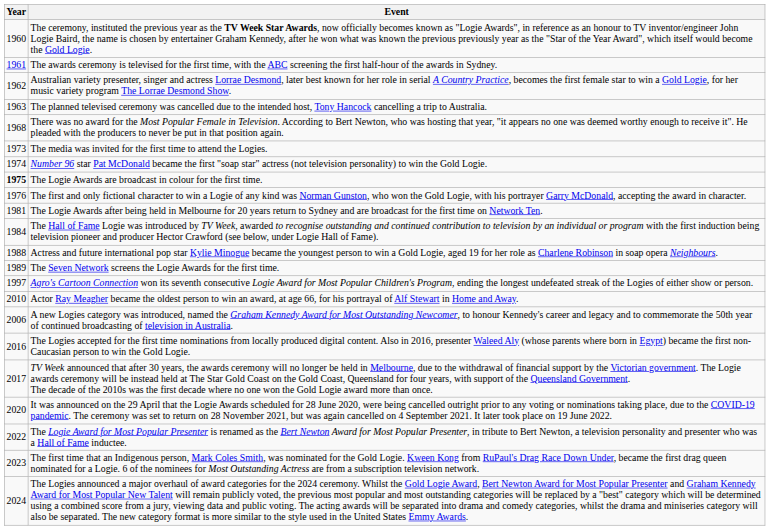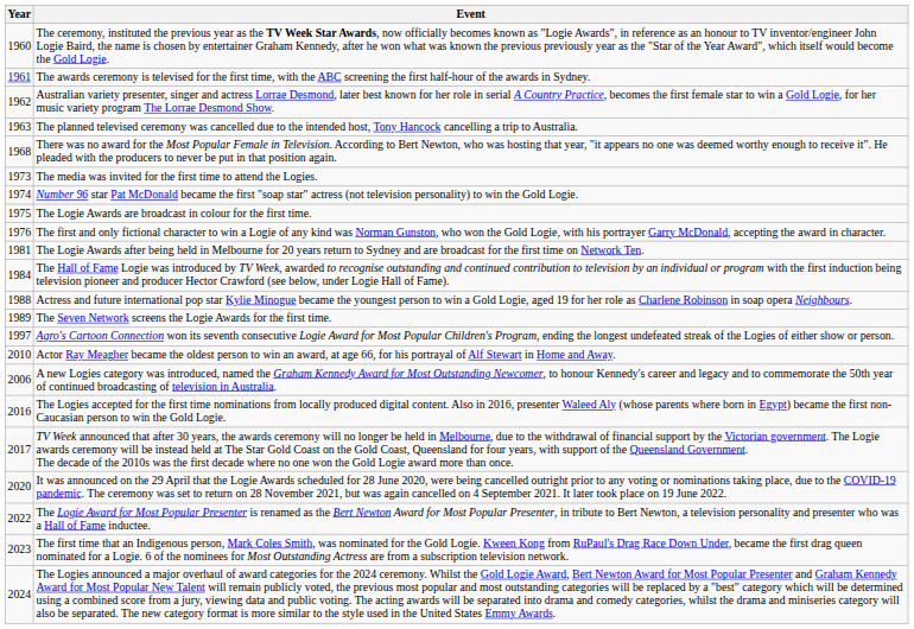 <table class="wikitable">
 <tr>
 <th>Year</th>
 <th>Event</th>
 </tr>
 <tr>
 <td>1960</td>
 <td>The ceremony, instituted the previous year as the <strong>TV Week Star Awards</strong>, now officially becomes known as "Logie Awards", in reference as an honour to TV inventor/engineer John Logie Baird, the name is chosen by entertainer Graham Kennedy, after he won what was known the previous previously year as the "Star of the Year Award", which itself would become the <a href='#'>Gold Logie</a>.</td>
 </tr>
 <tr>
 <td><a href='#'>1961</a></td>
 <td>The awards ceremony is televised for the first time, with the <a href='#'>ABC</a> screening the first half-hour of the awards in Sydney.</td>
 </tr>
 <tr>
 <td>1962</td>
 <td>Australian variety presenter, singer and actress <a href='#'>Lorrae Desmond</a>, later best known for her role in serial <em><a href='#'>A Country Practice</a></em>, becomes the first female star to win a <a href='#'>Gold Logie</a>, for her music variety program <a href='#'>The Lorrae Desmond Show</a>.</td>
 </tr>
 <tr>
 <td>1963</td>
 <td>The planned televised ceremony was cancelled due to the intended host, <a href='#'>Tony Hancock</a> cancelling a trip to Australia.</td>
 </tr>
 <tr>
 <td>1968</td>
 <td>There was no award for the <em>Most Popular Female in Television</em>. According to Bert Newton, who was hosting that year, "it appears no one was deemed worthy enough to receive it". He pleaded with the producers to never be put in that position again.</td>
 </tr>
 <tr>
 <td>1973</td>
 <td>The media was invited for the first time to attend the Logies.</td>
 </tr>
 <tr>
 <td>1974</td>
 <td><em><a href='#'>Number 96</a></em> star <a href='#'>Pat McDonald</a> became the first "soap star" actress (not television personality) to win the Gold Logie.</td>
 </tr>
 <tr>
-<td><strong>1975</strong></td>
+<td>1975</td>
 <td>The Logie Awards are broadcast in colour for the first time.</td>
 </tr>
 <tr>
 <td>1976</td>
 <td>The first and only fictional character to win a Logie of any kind was <a href='#'>Norman Gunston</a>, who won the Gold Logie, with his portrayer <a href='#'>Garry McDonald</a>, accepting the award in character.</td>
 </tr>
 <tr>
 <td>1981</td>
 <td>The Logie Awards after being held in Melbourne for 20 years return to Sydney and are broadcast for the first time on <a href='#'>Network Ten</a>.</td>
 </tr>
 <tr>
 <td>1984</td>
 <td>The <a href='#'>Hall of Fame</a> Logie was introduced by <em>TV Week</em>, awarded <em>to recognise outstanding and continued contribution to television by an individual or program</em> with the first induction being television pioneer and producer Hector Crawford (see below, under Logie Hall of Fame).</td>
 </tr>
 <tr>
 <td>1988</td>
 <td>Actress and future international pop star <a href='#'>Kylie Minogue</a> became the youngest person to win a Gold Logie, aged 19 for her role as <a href='#'>Charlene Robinson</a> in soap opera <em><a href='#'>Neighbours</a></em>.</td>
 </tr>
 <tr>
 <td>1989</td>
 <td>The <a href='#'>Seven Network</a> screens the Logie Awards for the first time.</td>
 </tr>
 <tr>
 <td>1997</td>
 <td><em><a href='#'>Agro's Cartoon Connection</a></em> won its seventh consecutive <em>Logie Award for Most Popular Children's Program</em>, ending the longest undefeated streak of the Logies of either show or person.</td>
 </tr>
 <tr>
 <td>2010</td>
 <td>Actor <a href='#'>Ray Meagher</a> became the oldest person to win an award, at age 66, for his portrayal of <a href='#'>Alf Stewart</a> in <a href='#'>Home and Away</a>.</td>
 </tr>
 <tr>
 <td>2006</td>
 <td>A new Logies category was introduced, named the <em><a href='#'>Graham Kennedy Award for Most Outstanding Newcomer</a></em>, to honour Kennedy's career and legacy and to commemorate the 50th year of continued broadcasting of <a href='#'>television in Australia</a>.</td>
 </tr>
 <tr>
 <td>2016</td>
 <td>The Logies accepted for the first time nominations from locally produced digital content. Also in 2016, presenter <a href='#'>Waleed Aly</a> (whose parents where born in <a href='#'>Egypt</a>) became the first non-Caucasian person to win the Gold Logie.</td>
 </tr>
 <tr>
 <td>2017</td>
 <td><em>TV Week</em> announced that after 30 years, the awards ceremony will no longer be held in <a href='#'>Melbourne</a>, due to the withdrawal of financial support by the <a href='#'>Victorian government</a>. The Logie awards ceremony will be instead held at The Star Gold Coast on the Gold Coast, Queensland for four years, with support of the <a href='#'>Queensland Government</a>.<br>The decade of the 2010s was the first decade where no one won the Gold Logie award more than once.</td>
 </tr>
 <tr>
 <td>2020</td>
 <td>It was announced on the 29 April that the Logie Awards scheduled for 28 June 2020, were being cancelled outright prior to any voting or nominations taking place, due to the <a href='#'>COVID-19 pandemic</a>. The ceremony was set to return on 28 November 2021, but was again cancelled on 4 September 2021. It later took place on 19 June 2022.</td>
 </tr>
 <tr>
 <td>2022</td>
 <td>The <em><a href='#'>Logie Award for Most Popular Presenter</a></em> is renamed as the <em><a href='#'>Bert Newton</a> Award for Most Popular Presenter</em>, in tribute to Bert Newton, a television personality and presenter who was a <a href='#'>Hall of Fame</a> inductee.</td>
 </tr>
 <tr>
 <td>2023</td>
 <td>The first time that an Indigenous person, <a href='#'>Mark Coles Smith</a>, was nominated for the Gold Logie. <a href='#'>Kween Kong</a> from <a href='#'>RuPaul's Drag Race Down Under</a>, became the first drag queen nominated for a Logie. 6 of the nominees for <em>Most Outstanding Actress</em> are from a subscription television network.</td>
 </tr>
 <tr>
 <td>2024</td>
 <td>The Logies announced a major overhaul of award categories for the 2024 ceremony. Whilst the <a href='#'>Gold Logie Award</a>, <a href='#'>Bert Newton Award for Most Popular Presenter</a> and <a href='#'>Graham Kennedy Award for Most Popular New Talent</a> will remain publicly voted, the previous most popular and most outstanding categories will be replaced by a "best" category which will be determined using a combined score from a jury, viewing data and public voting. The acting awards will be separated into drama and comedy categories, whilst the drama and miniseries category will also be separated. The new category format is more similar to the style used in the United States <a href='#'>Emmy Awards</a>.</td>
 </tr>
 </table>
